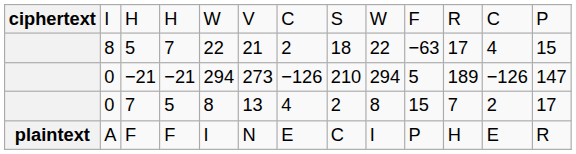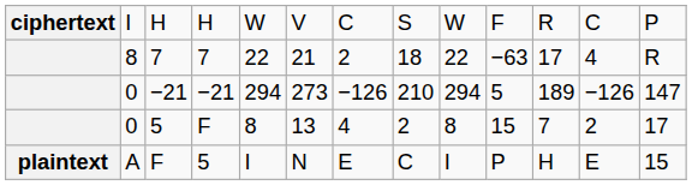 <table class="wikitable" border="1">
 <tr>
 <th>ciphertext</th>
 <td>I</td>
 <td>H</td>
 <td>H</td>
 <td>W</td>
 <td>V</td>
 <td>C</td>
 <td>S</td>
 <td>W</td>
 <td>F</td>
 <td>R</td>
 <td>C</td>
 <td>P</td>
 </tr>
 <tr>
 <th></th>
 <td>8</td>
-<td>5</td>
+<td>7</td>
 <td>7</td>
 <td>22</td>
 <td>21</td>
 <td>2</td>
 <td>18</td>
 <td>22</td>
 <td>−63</td>
 <td>17</td>
 <td>4</td>
-<td>15</td>
+<td>R</td>
 </tr>
 <tr>
 <th></th>
 <td>0</td>
 <td>−21</td>
 <td>−21</td>
 <td>294</td>
 <td>273</td>
 <td>−126</td>
 <td>210</td>
 <td>294</td>
 <td>5</td>
 <td>189</td>
 <td>−126</td>
 <td>147</td>
 </tr>
 <tr>
 <th></th>
 <td>0</td>
-<td>7</td>
 <td>5</td>
+<td>F</td>
 <td>8</td>
 <td>13</td>
 <td>4</td>
 <td>2</td>
 <td>8</td>
 <td>15</td>
 <td>7</td>
 <td>2</td>
 <td>17</td>
 </tr>
 <tr>
 <th>plaintext</th>
 <td>A</td>
 <td>F</td>
-<td>F</td>
+<td>5</td>
 <td>I</td>
 <td>N</td>
 <td>E</td>
 <td>C</td>
 <td>I</td>
 <td>P</td>
 <td>H</td>
 <td>E</td>
-<td>R</td>
+<td>15</td>
 </tr>
 </table>
